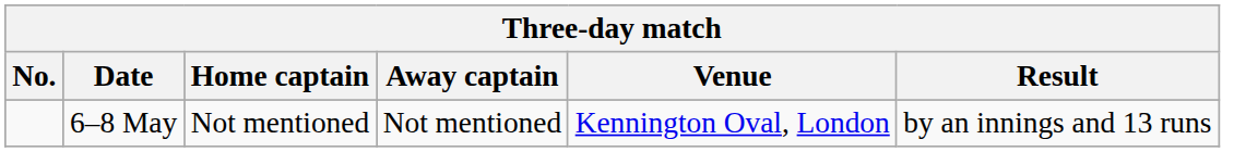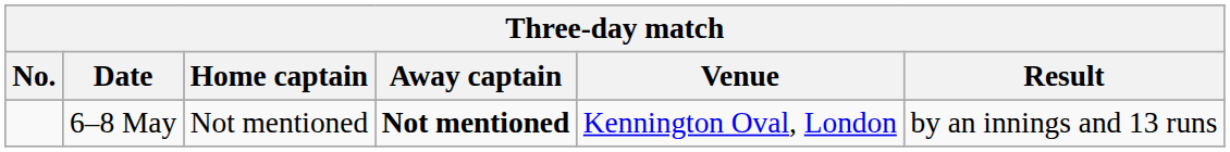 <table class="wikitable">
 <tr>
 <th colspan="9">Three-day match</th>
 </tr>
 <tr>
 <th>No.</th>
 <th>Date</th>
 <th>Home captain</th>
 <th>Away captain</th>
 <th>Venue</th>
 <th>Result</th>
 </tr>
 <tr>
 <td></td>
 <td>6–8 May</td>
 <td>Not mentioned</td>
-<td>Not mentioned</td>
+<td><strong>Not mentioned</strong></td>
 <td><a href='#'>Kennington Oval</a>, <a href='#'>London</a></td>
 <td> by an innings and 13 runs</td>
 </tr>
 </table>
